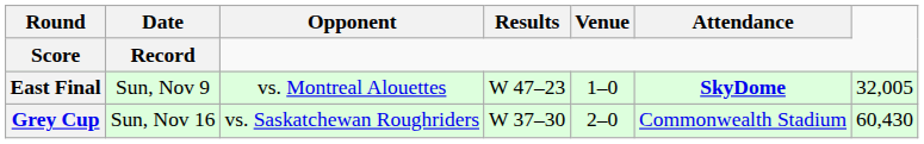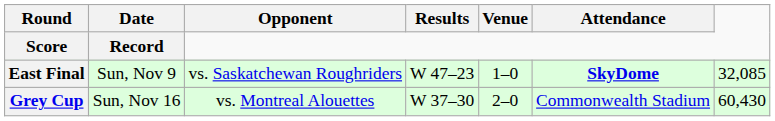 <table class="wikitable" style="text-align:center">
 <tr>
 <th>Round</th>
 <th>Date</th>
 <th>Opponent</th>
 <th>Results</th>
 <th>Venue</th>
 <th>Attendance</th>
 </tr>
 <tr>
 <th>Score</th>
 <th>Record</th>
 </tr>
 <tr style="background:#ddffdd">
 <th>East Final</th>
 <td>Sun, Nov 9</td>
-<td>vs. <a href='#'>Montreal Alouettes</a></td>
+<td>vs. <a href='#'>Saskatchewan Roughriders</a></td>
 <td>W 47–23</td>
 <td>1–0</td>
 <td><strong><a href='#'>SkyDome</a></strong></td>
-<td>32,005</td>
+<td>32,085</td>
 </tr>
 <tr style="background:#ddffdd">
 <th><a href='#'>Grey Cup</a></th>
 <td>Sun, Nov 16</td>
-<td>vs. <a href='#'>Saskatchewan Roughriders</a></td>
+<td>vs. <a href='#'>Montreal Alouettes</a></td>
 <td>W 37–30</td>
 <td>2–0</td>
 <td><a href='#'>Commonwealth Stadium</a></td>
 <td>60,430</td>
 </tr>
 </table>
